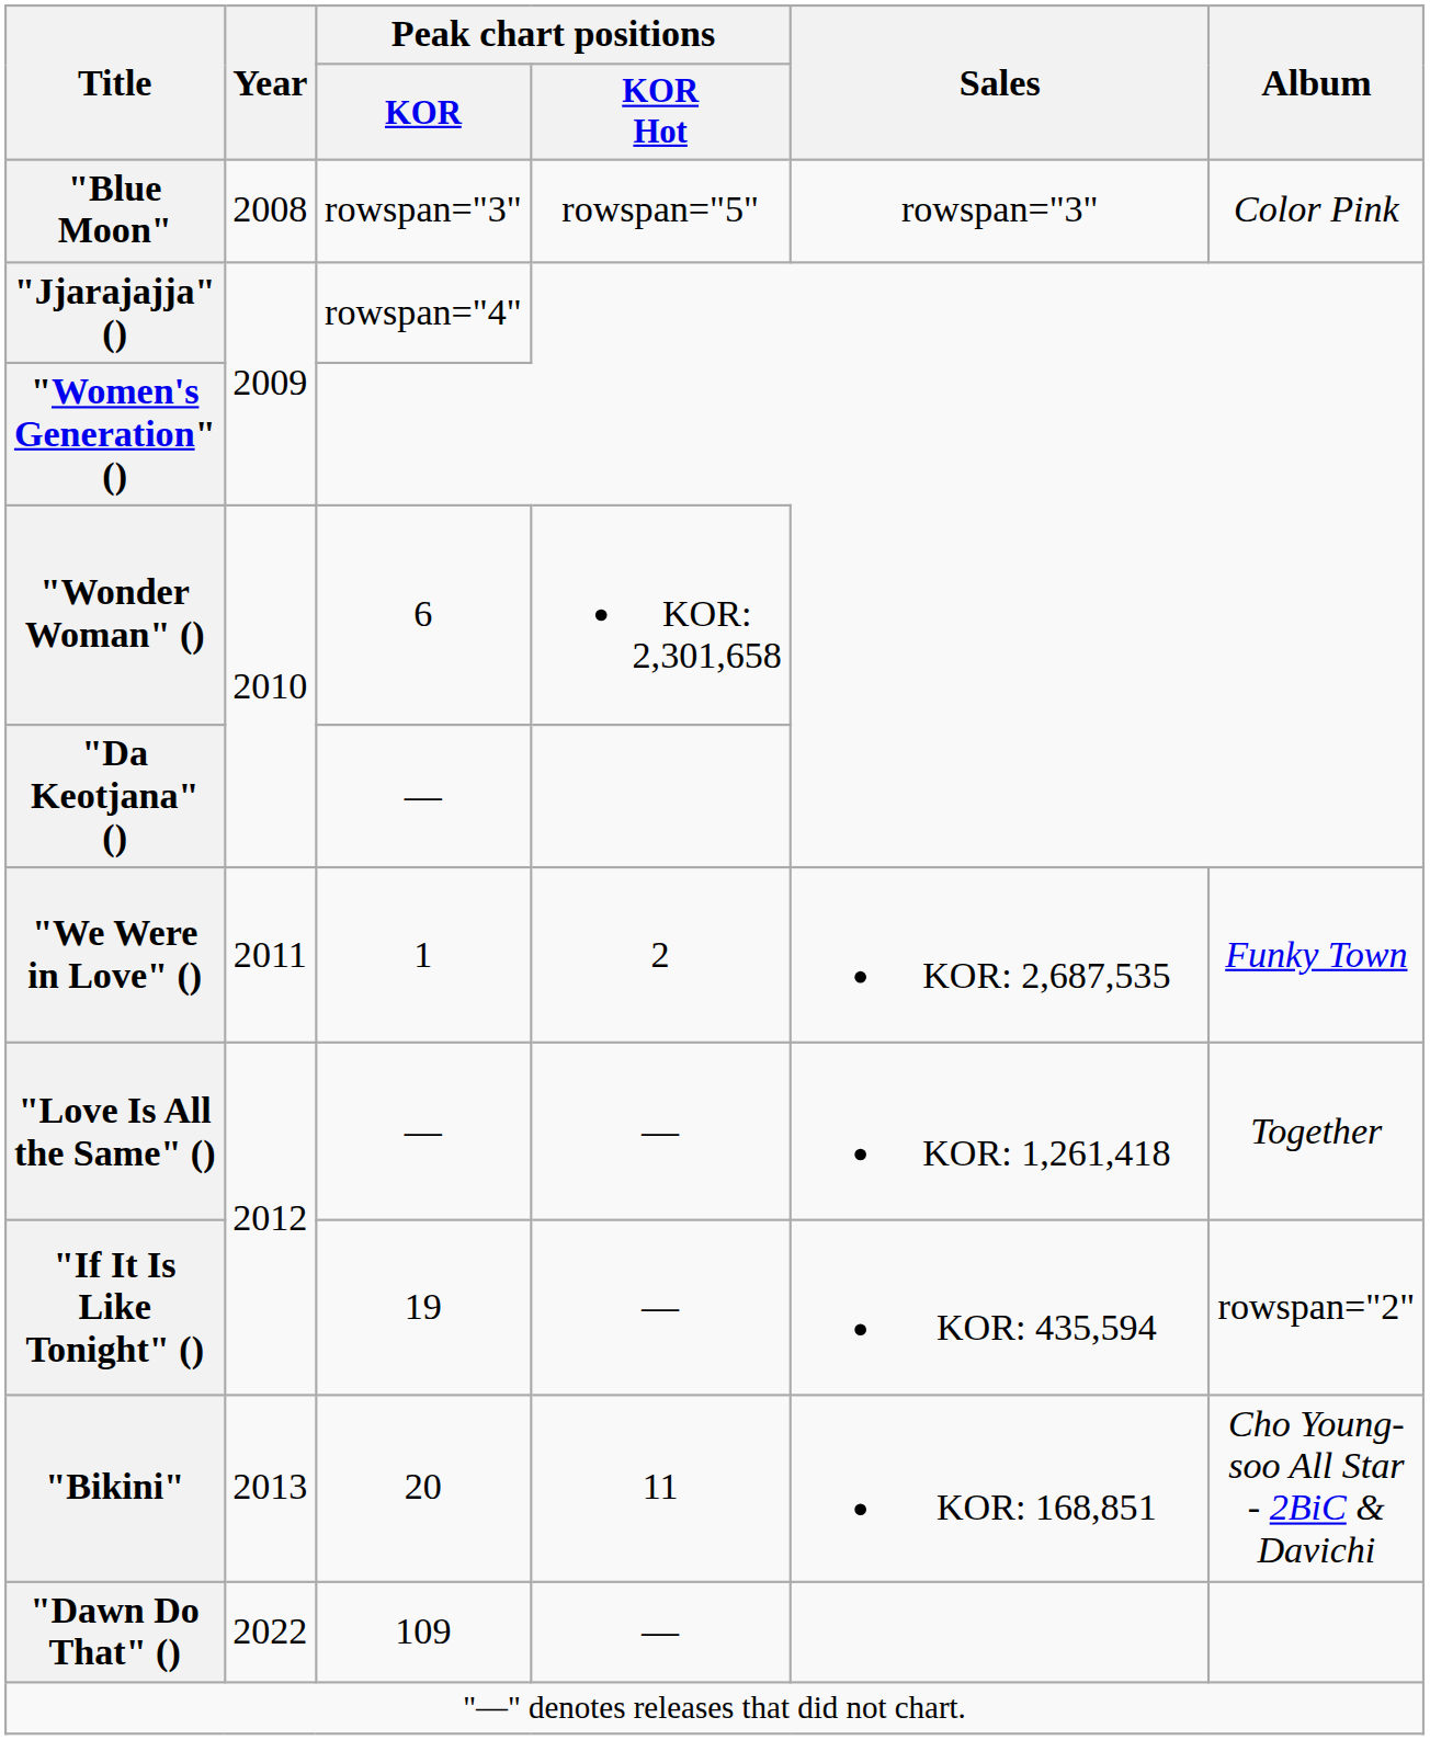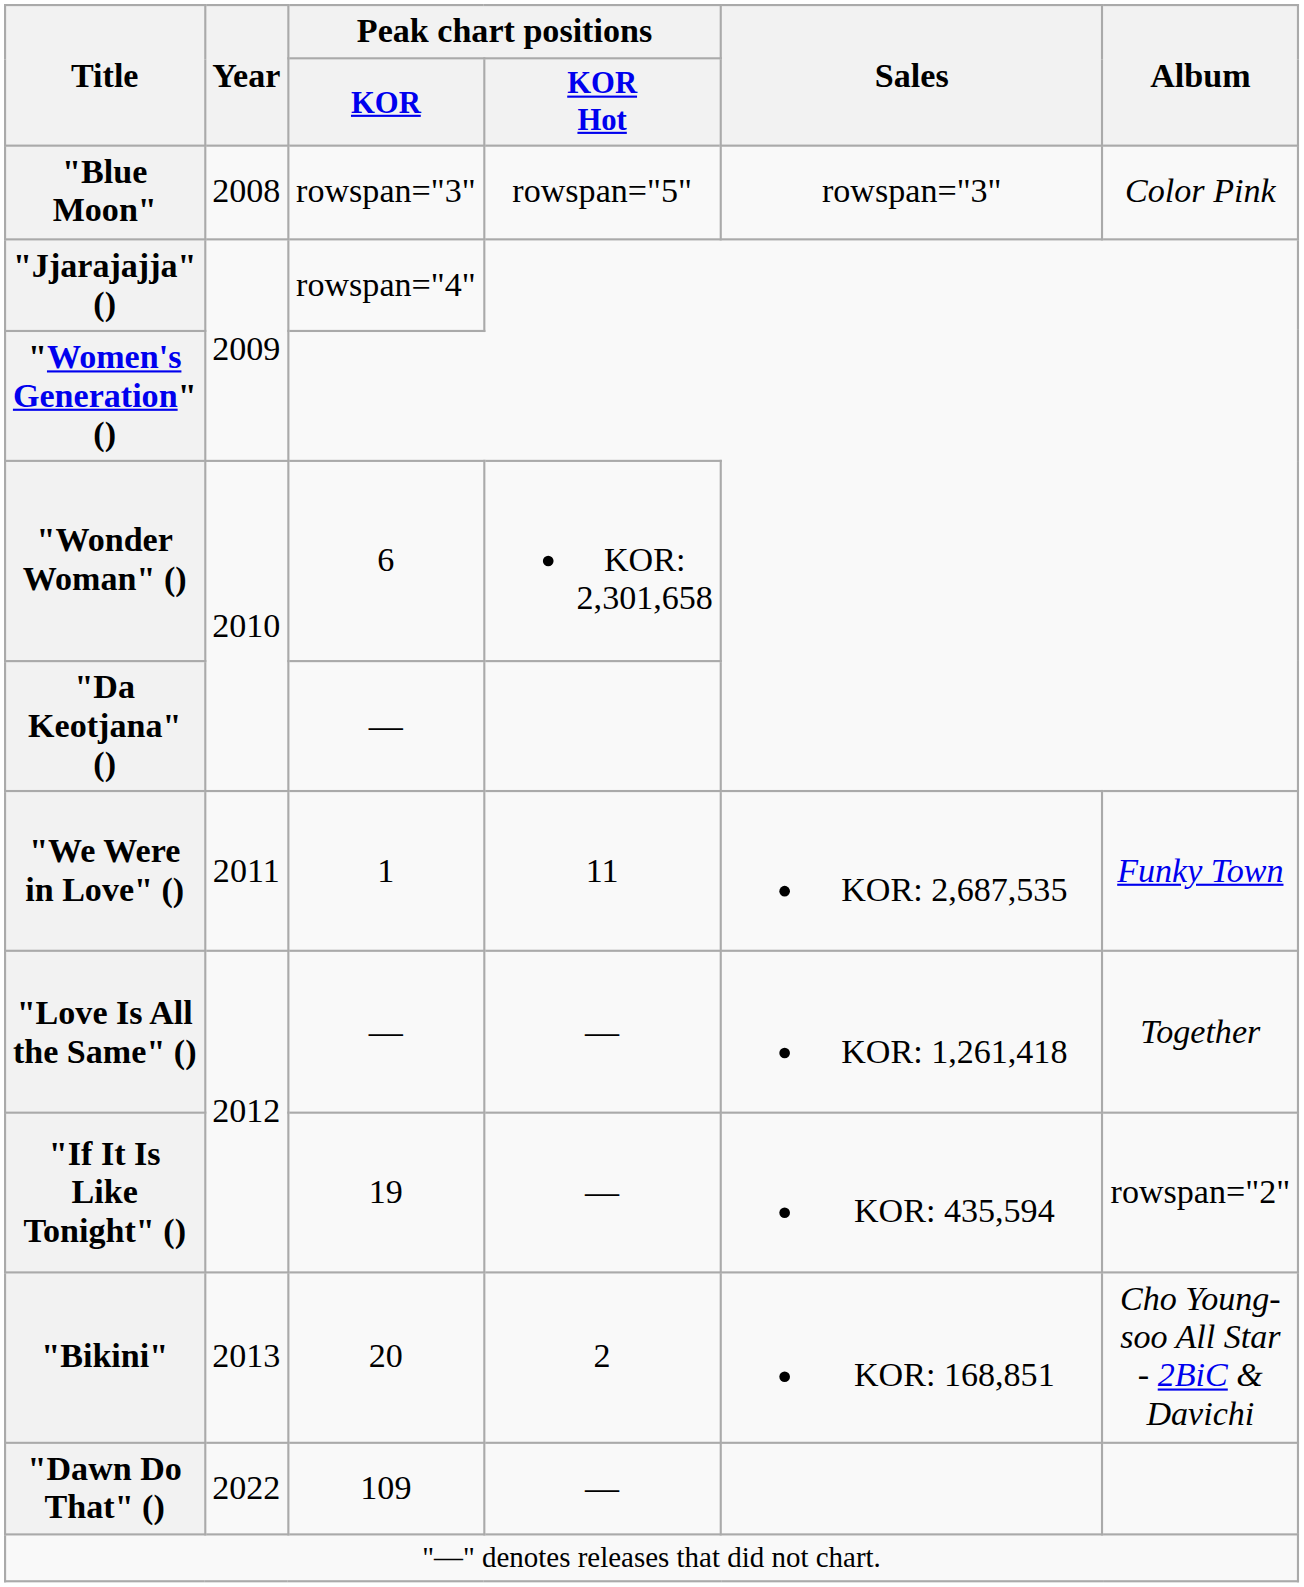 <table class="wikitable plainrowheaders" style="text-align:center;">
 <tr>
 <th scope="col" rowspan="2">Title</th>
 <th scope="col" rowspan="2">Year</th>
 <th scope="col" colspan="2">Peak chart positions</th>
 <th scope="col" rowspan="2" style="width:11em;">Sales</th>
 <th scope="col" rowspan="2">Album</th>
 </tr>
 <tr>
 <th scope="col" style="width:3em;font-size:90%;"><a href='#'>KOR</a><br></th>
 <th scope="col" style="width:3em;font-size:90%;"><a href='#'>KOR<br>Hot</a><br></th>
 </tr>
 <tr>
 <th scope="row">"Blue Moon"<br></th>
 <td>2008</td>
 <td>rowspan="3" </td>
 <td>rowspan="5" </td>
 <td>rowspan="3" </td>
 <td><em>Color Pink</em></td>
 </tr>
 <tr>
 <th scope="row">"Jjarajajja" ()<br> </th>
 <td rowspan="2">2009</td>
 <td>rowspan="4" </td>
 </tr>
 <tr>
 <th scope="row">"<a href='#'>Women's Generation</a>" ()<br> </th>
 </tr>
 <tr>
 <th scope="row">"Wonder Woman" ()<br> </th>
 <td rowspan="2">2010</td>
 <td>6</td>
 <td><br><ul><li>KOR: 2,301,658</li></ul></td>
 </tr>
 <tr>
 <th scope="row">"Da Keotjana" ()<br></th>
 <td>—</td>
 <td></td>
 </tr>
 <tr>
 <th scope="row">"We Were in Love" ()<br></th>
 <td>2011</td>
 <td>1</td>
-<td>2</td>
+<td>11</td>
 <td><br><ul><li>KOR: 2,687,535</li></ul></td>
 <td><em><a href='#'>Funky Town</a></em></td>
 </tr>
 <tr>
 <th scope="row">"Love Is All the Same" ()<br></th>
 <td rowspan="2">2012</td>
 <td>—</td>
 <td>—</td>
 <td><br><ul><li>KOR: 1,261,418</li></ul></td>
 <td><em>Together</em></td>
 </tr>
 <tr>
 <th scope="row">"If It Is Like Tonight" ()<br> </th>
 <td>19</td>
 <td>—</td>
 <td><br><ul><li>KOR: 435,594</li></ul></td>
 <td>rowspan="2" </td>
 </tr>
 <tr>
 <th scope="row">"Bikini"<br></th>
 <td>2013</td>
 <td>20</td>
-<td>11</td>
+<td>2</td>
 <td><br><ul><li>KOR: 168,851</li></ul></td>
 <td><em>Cho Young-soo All Star - <a href='#'>2BiC</a> & Davichi</em></td>
 </tr>
 <tr>
 <th scope="row">"Dawn Do That" ()<br></th>
 <td>2022</td>
 <td>109</td>
 <td>—</td>
 <td></td>
 </tr>
 <tr>
 <td colspan="6" style="font-size:85%;">"—" denotes releases that did not chart.</td>
 </tr>
 </table>
